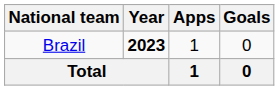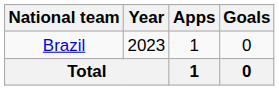 <table class=wikitable style=text-align:center>
 <tr>
 <th>National team</th>
 <th>Year</th>
 <th>Apps</th>
 <th>Goals</th>
 </tr>
 <tr>
 <td rowspan="1"><a href='#'>Brazil</a></td>
-<td><strong>2023</strong></td>
+<td>2023</td>
 <td>1</td>
 <td>0</td>
 </tr>
 <tr>
 <th colspan="2">Total</th>
 <th>1</th>
 <th>0</th>
 </tr>
 </table>
